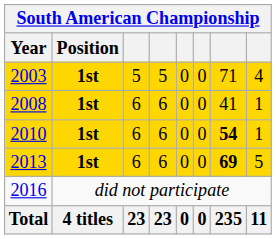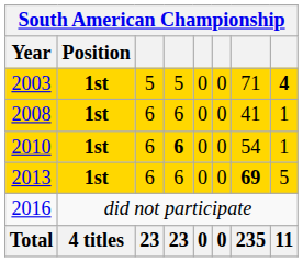 <table class="wikitable" style="text-align: center;">
 <tr>
 <th colspan=9><a href='#'>South American Championship</a></th>
 </tr>
 <tr>
 <th>Year</th>
 <th>Position</th>
 <th></th>
 <th></th>
 <th></th>
 <th></th>
 <th></th>
 <th></th>
 </tr>
 <tr bgcolor=gold>
 <td> <a href='#'>2003</a></td>
 <td><strong>1st</strong></td>
 <td>5</td>
 <td>5</td>
 <td>0</td>
 <td>0</td>
 <td>71</td>
-<td>4</td>
+<td><strong>4</strong></td>
 </tr>
 <tr bgcolor=gold>
 <td> <a href='#'>2008</a></td>
 <td><strong>1st</strong></td>
 <td>6</td>
 <td>6</td>
 <td>0</td>
 <td>0</td>
 <td>41</td>
 <td>1</td>
 </tr>
 <tr bgcolor=gold>
 <td> <a href='#'>2010</a></td>
 <td><strong>1st</strong></td>
 <td>6</td>
-<td>6</td>
+<td><strong>6</strong></td>
 <td>0</td>
 <td>0</td>
-<td><strong>54</strong></td>
+<td>54</td>
 <td>1</td>
 </tr>
 <tr bgcolor=gold>
 <td> <a href='#'>2013</a></td>
 <td><strong>1st</strong></td>
 <td>6</td>
 <td>6</td>
 <td>0</td>
 <td>0</td>
 <td><strong>69</strong></td>
 <td>5</td>
 </tr>
 <tr>
 <td> <a href='#'>2016</a></td>
 <td colspan=8><em>did not participate</em></td>
 </tr>
 <tr>
 <th>Total</th>
 <th>4 titles</th>
 <th>23</th>
 <th>23</th>
 <th>0</th>
 <th>0</th>
 <th>235</th>
 <th>11</th>
 </tr>
 </table>
